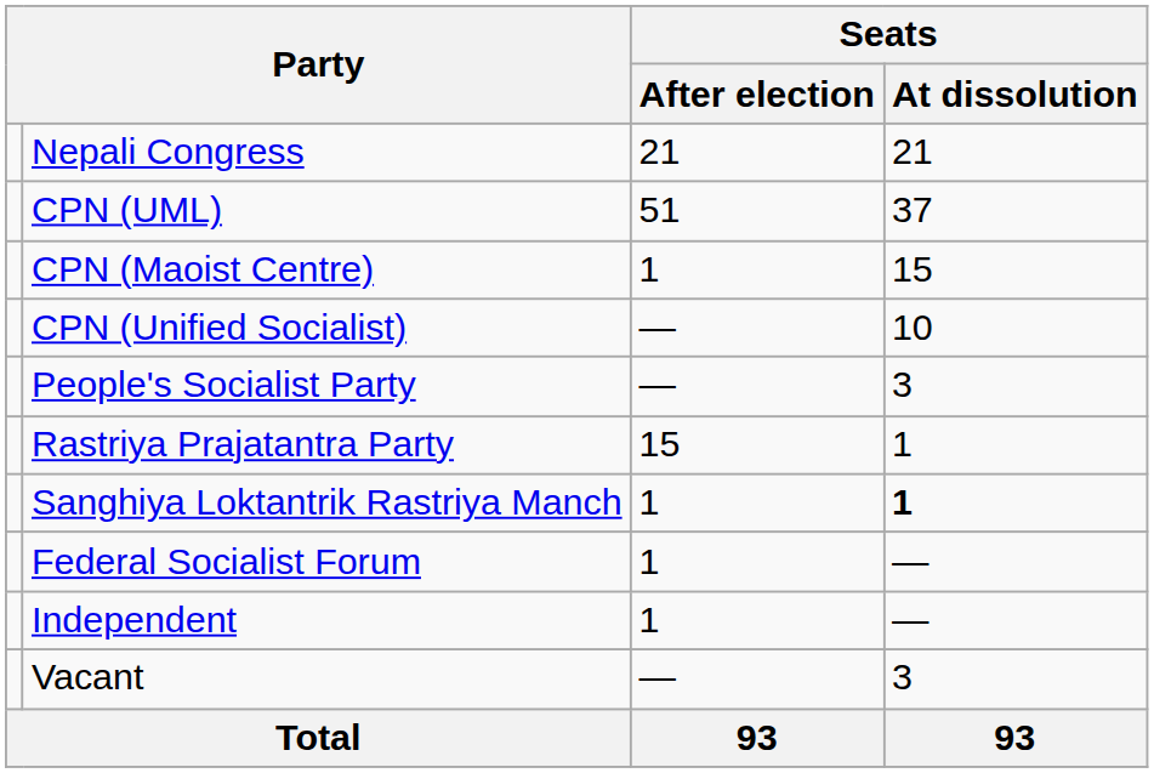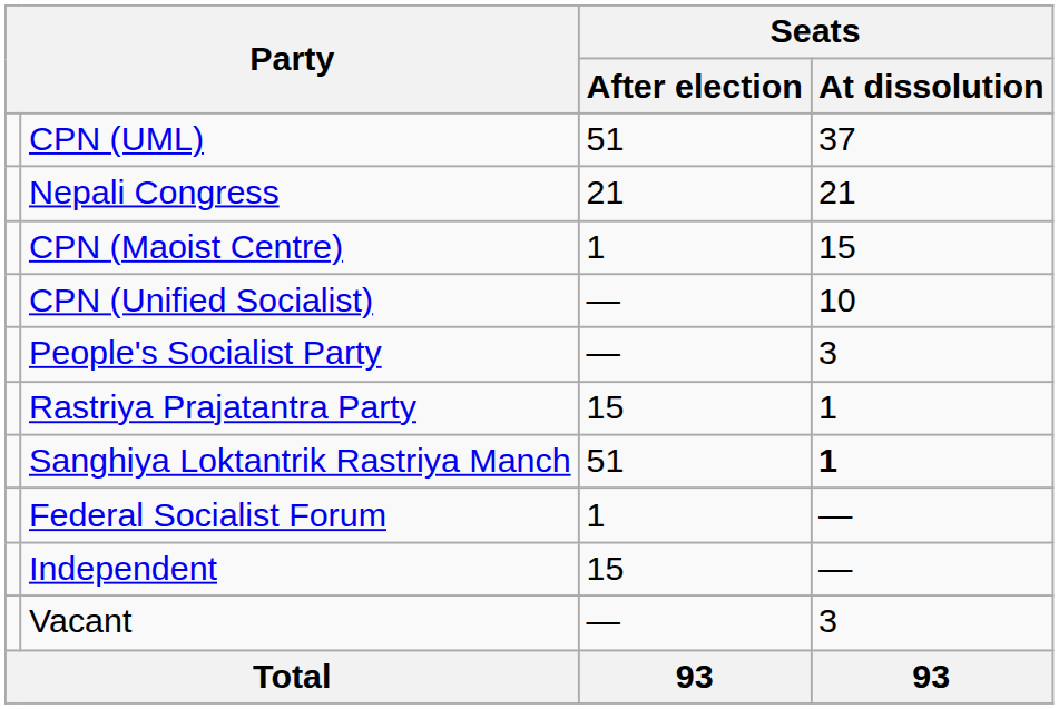 <table class="wikitable">
 <tr>
 <th colspan="2" rowspan="2">Party</th>
 <th colspan="2">Seats</th>
 </tr>
 <tr>
 <th>After election</th>
 <th>At dissolution</th>
 </tr>
 <tr>
 <td></td>
+<td><a href='#'>CPN (UML)</a></td>
+<td>51</td>
+<td>37</td>
+</tr>
+<tr>
+<td></td>
 <td><a href='#'>Nepali Congress</a></td>
 <td>21</td>
 <td>21</td>
-</tr>
-<tr>
-<td></td>
-<td><a href='#'>CPN (UML)</a></td>
-<td>51</td>
-<td>37</td>
 </tr>
 <tr>
 <td></td>
 <td><a href='#'>CPN (Maoist Centre)</a></td>
 <td>1</td>
 <td>15</td>
 </tr>
 <tr>
 <td></td>
 <td><a href='#'>CPN (Unified Socialist)</a></td>
 <td>—</td>
 <td>10</td>
 </tr>
 <tr>
 <td></td>
 <td><a href='#'>People's Socialist Party</a></td>
 <td>—</td>
 <td>3</td>
 </tr>
 <tr>
 <td></td>
 <td><a href='#'>Rastriya Prajatantra Party</a></td>
 <td>15</td>
 <td>1</td>
 </tr>
 <tr>
 <td></td>
 <td><a href='#'>Sanghiya Loktantrik Rastriya Manch</a></td>
-<td>1</td>
+<td>51</td>
 <td><strong>1</strong></td>
 </tr>
 <tr>
 <td></td>
 <td><a href='#'>Federal Socialist Forum</a></td>
 <td>1</td>
 <td>—</td>
 </tr>
 <tr>
 <td></td>
 <td><a href='#'>Independent</a></td>
-<td>1</td>
+<td>15</td>
 <td>—</td>
 </tr>
 <tr>
 <td></td>
 <td>Vacant</td>
 <td>—</td>
 <td>3</td>
 </tr>
 <tr>
 <th colspan="2"><strong>Total</strong></th>
 <th>93</th>
 <th><strong>93</strong></th>
 </tr>
 </table>
